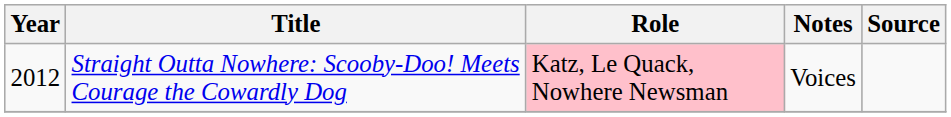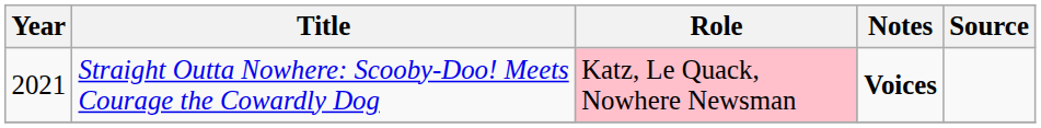 <table class="wikitable sortable plainrowheaders">
 <tr>
 <th>Year</th>
 <th>Title</th>
 <th>Role</th>
 <th class="unsortable">Notes</th>
 <th class="unsortable">Source</th>
 </tr>
 <tr>
-<td>2012</td>
+<td>2021</td>
 <td><em><a href='#'>Straight Outta Nowhere: Scooby-Doo! Meets Courage the Cowardly Dog</a></em></td>
 <td style="background: pink;">Katz, Le Quack, Nowhere Newsman</td>
-<td>Voices</td>
+<td><strong>Voices</strong></td>
 <td></td>
 </tr>
 <tr>
 </tr>
 </table>
